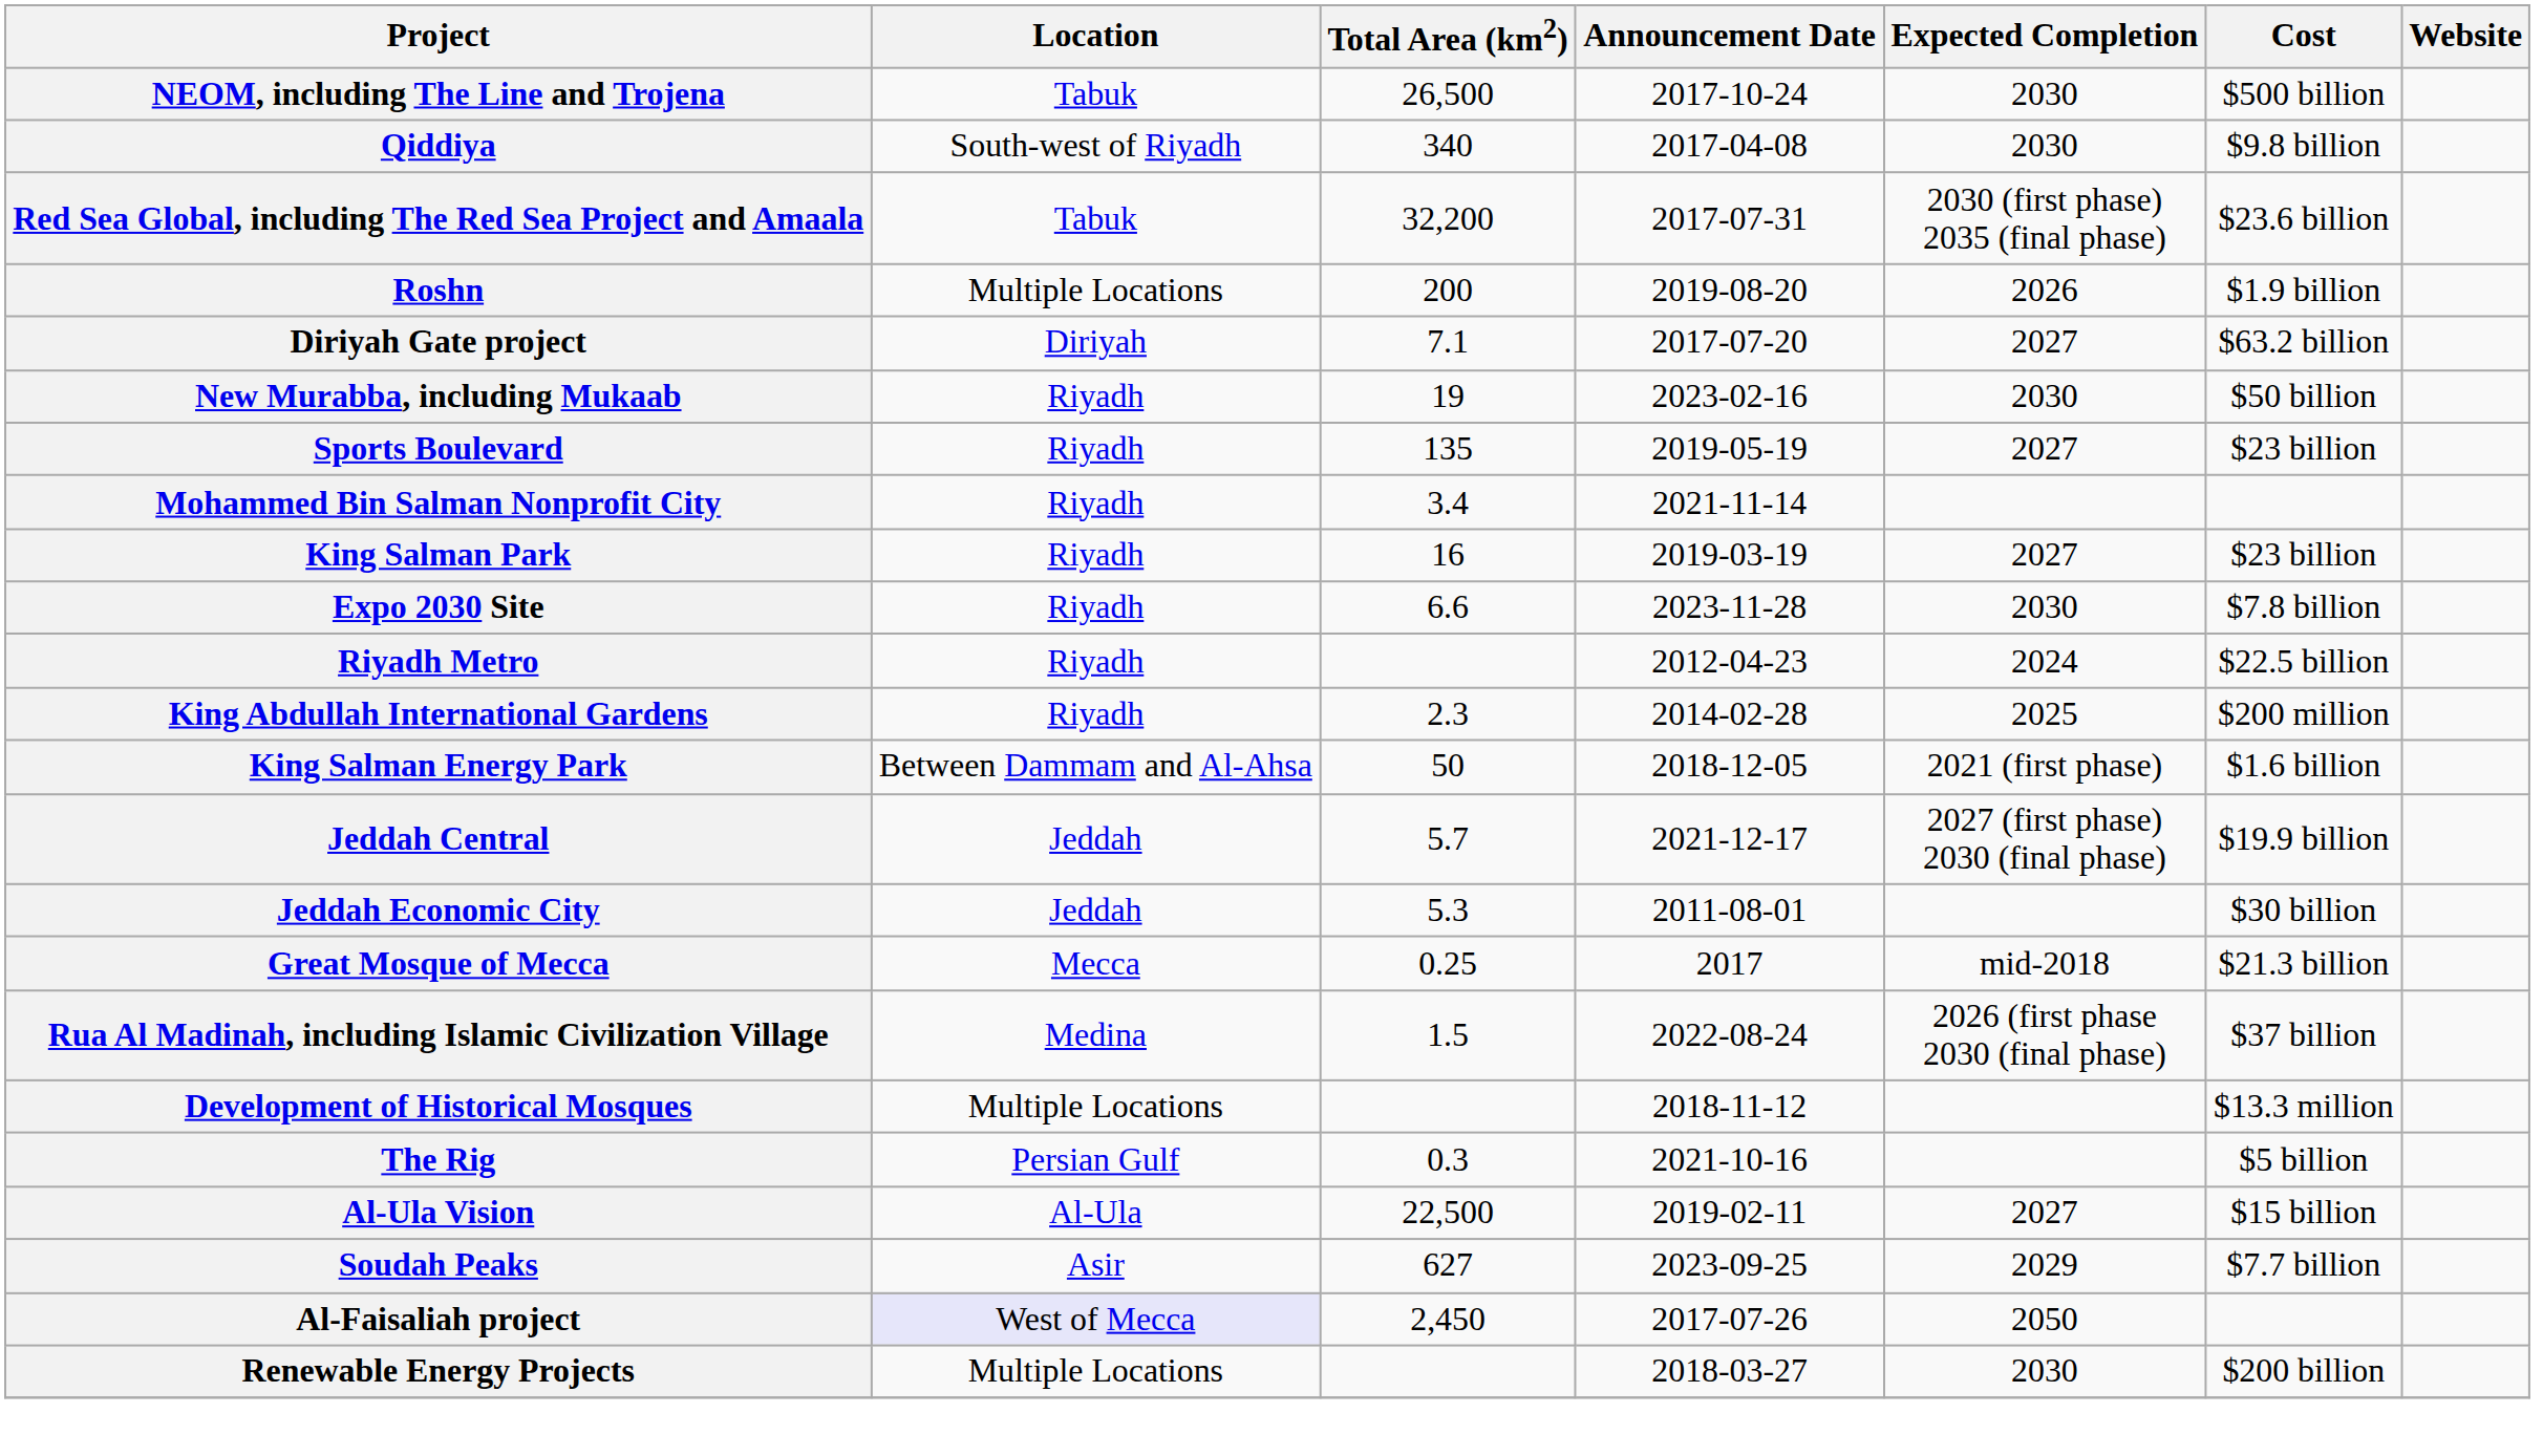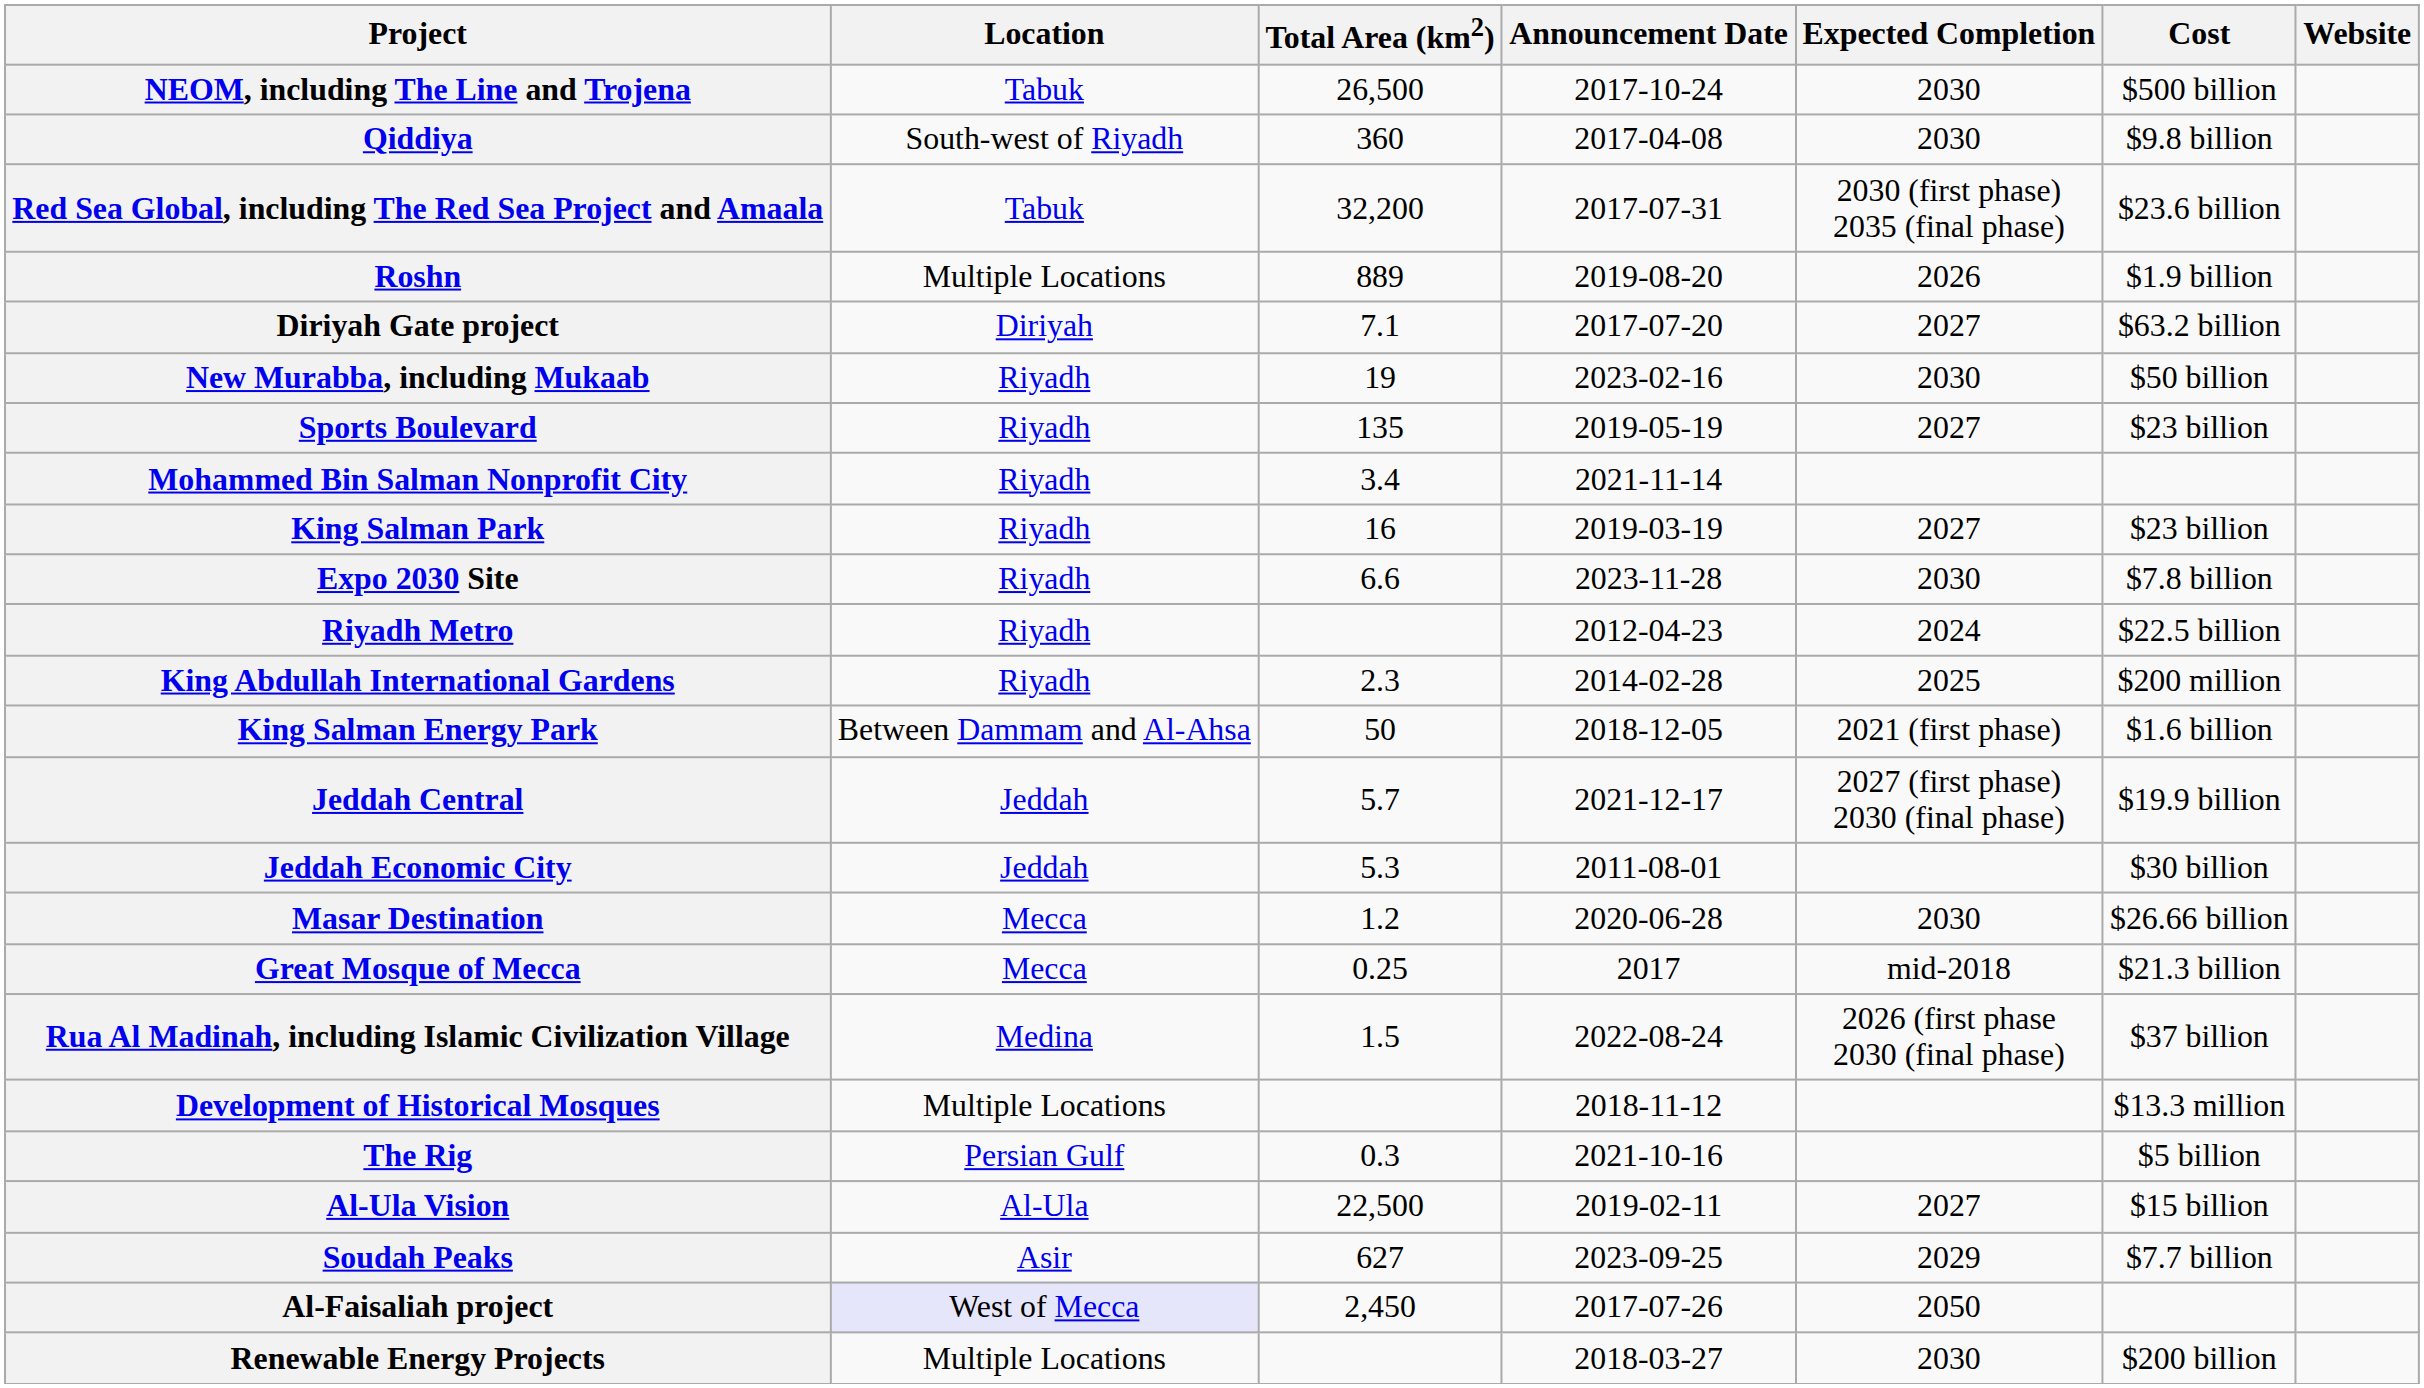 <table class="wikitable sortable" style="text-align:center;">
 <tr>
 <th>Project</th>
 <th>Location</th>
 <th>Total Area (km<sup>2</sup>)</th>
 <th>Announcement Date</th>
 <th>Expected Completion</th>
 <th>Cost</th>
 <th>Website</th>
 </tr>
 <tr>
 <th><a href='#'>NEOM</a>, including <a href='#'>The Line</a> and <a href='#'>Trojena</a></th>
 <td><a href='#'>Tabuk</a></td>
 <td>26,500</td>
 <td>2017-10-24</td>
 <td>2030</td>
 <td>$500 billion</td>
 <td></td>
 </tr>
 <tr>
 <th><a href='#'>Qiddiya</a></th>
 <td>South-west of <a href='#'>Riyadh</a></td>
-<td>340</td>
+<td>360</td>
 <td>2017-04-08</td>
 <td>2030</td>
 <td>$9.8 billion</td>
 <td></td>
 </tr>
 <tr>
 <th><a href='#'>Red Sea Global</a>, including <a href='#'>The Red Sea Project</a> and <a href='#'>Amaala</a></th>
 <td><a href='#'>Tabuk</a></td>
 <td>32,200</td>
 <td>2017-07-31</td>
 <td>2030 (first phase)<br>2035 (final phase)</td>
 <td>$23.6 billion</td>
 <td></td>
 </tr>
 <tr>
 <th><a href='#'>Roshn</a></th>
 <td>Multiple Locations</td>
-<td>200</td>
+<td>889</td>
 <td>2019-08-20</td>
 <td>2026</td>
 <td>$1.9 billion</td>
 <td></td>
 </tr>
 <tr>
 <th>Diriyah Gate project</th>
 <td><a href='#'>Diriyah</a></td>
 <td>7.1</td>
 <td>2017-07-20</td>
 <td>2027</td>
 <td>$63.2 billion</td>
 <td> </td>
 </tr>
 <tr>
 <th><a href='#'>New Murabba</a>, including <a href='#'>Mukaab</a></th>
 <td><a href='#'>Riyadh</a></td>
 <td>19</td>
 <td>2023-02-16</td>
 <td>2030</td>
 <td>$50 billion</td>
 <td></td>
 </tr>
 <tr>
 <th><a href='#'>Sports Boulevard</a></th>
 <td><a href='#'>Riyadh</a></td>
 <td>135</td>
 <td>2019-05-19</td>
 <td>2027</td>
 <td>$23 billion</td>
 <td></td>
 </tr>
 <tr>
 <th><a href='#'>Mohammed Bin Salman Nonprofit City</a></th>
 <td><a href='#'>Riyadh</a></td>
 <td>3.4</td>
 <td>2021-11-14</td>
 <td></td>
 <td></td>
 <td></td>
 </tr>
 <tr>
 <th><a href='#'>King Salman Park</a></th>
 <td><a href='#'>Riyadh</a></td>
 <td>16</td>
 <td>2019-03-19</td>
 <td>2027</td>
 <td>$23 billion</td>
 <td></td>
 </tr>
 <tr>
 <th><a href='#'>Expo 2030</a> Site</th>
 <td><a href='#'>Riyadh</a></td>
 <td>6.6</td>
 <td>2023-11-28</td>
 <td>2030</td>
 <td>$7.8 billion</td>
 <td></td>
 </tr>
 <tr>
 <th><a href='#'>Riyadh Metro</a></th>
 <td><a href='#'>Riyadh</a></td>
 <td></td>
 <td>2012-04-23</td>
 <td>2024</td>
 <td>$22.5 billion</td>
 <td></td>
 </tr>
 <tr>
 <th><a href='#'>King Abdullah International Gardens</a></th>
 <td><a href='#'>Riyadh</a></td>
 <td>2.3</td>
 <td>2014-02-28</td>
 <td>2025</td>
 <td>$200 million</td>
 <td></td>
 </tr>
 <tr>
 <th><a href='#'>King Salman Energy Park</a></th>
 <td>Between <a href='#'>Dammam</a> and <a href='#'>Al-Ahsa</a></td>
 <td>50</td>
 <td>2018-12-05</td>
 <td>2021 (first phase)</td>
 <td>$1.6 billion</td>
 <td></td>
 </tr>
 <tr>
 <th><a href='#'>Jeddah Central</a></th>
 <td><a href='#'>Jeddah</a></td>
 <td>5.7</td>
 <td>2021-12-17</td>
 <td>2027 (first phase)<br>2030 (final phase)</td>
 <td>$19.9 billion</td>
 <td></td>
 </tr>
 <tr>
 <th><a href='#'>Jeddah Economic City</a></th>
 <td><a href='#'>Jeddah</a></td>
 <td>5.3</td>
 <td>2011-08-01</td>
 <td></td>
 <td>$30 billion</td>
 <td></td>
 </tr>
 <tr>
+<th><a href='#'>Masar Destination</a></th>
+<td><a href='#'>Mecca</a></td>
+<td>1.2</td>
+<td>2020-06-28</td>
+<td>2030</td>
+<td>$26.66 billion</td>
+<td></td>
+</tr>
+<tr>
 <th><a href='#'>Great Mosque of Mecca</a></th>
 <td><a href='#'>Mecca</a></td>
 <td>0.25</td>
 <td>2017</td>
 <td>mid-2018</td>
 <td>$21.3 billion</td>
 <td></td>
 </tr>
 <tr>
 <th><a href='#'>Rua Al Madinah</a>, including Islamic Civilization Village</th>
 <td><a href='#'>Medina</a></td>
 <td>1.5</td>
 <td>2022-08-24</td>
 <td>2026 (first phase<br>2030 (final phase)</td>
 <td>$37 billion</td>
 <td></td>
 </tr>
 <tr>
 <th><a href='#'>Development of Historical Mosques</a></th>
 <td>Multiple Locations</td>
 <td></td>
 <td>2018-11-12</td>
 <td></td>
 <td>$13.3 million</td>
 <td></td>
 </tr>
 <tr>
 <th><a href='#'>The Rig</a></th>
 <td><a href='#'>Persian Gulf</a></td>
 <td>0.3</td>
 <td>2021-10-16</td>
 <td></td>
 <td>$5 billion</td>
 <td></td>
 </tr>
 <tr>
 <th><a href='#'>Al-Ula Vision</a></th>
 <td><a href='#'>Al-Ula</a></td>
 <td>22,500</td>
 <td>2019-02-11</td>
 <td>2027</td>
 <td>$15 billion</td>
 <td></td>
 </tr>
 <tr>
 <th><a href='#'>Soudah Peaks</a></th>
 <td><a href='#'>Asir</a></td>
 <td>627</td>
 <td>2023-09-25</td>
 <td>2029</td>
 <td>$7.7 billion</td>
 <td></td>
 </tr>
 <tr>
 <th>Al-Faisaliah project</th>
 <td style="background: lavender;">West of <a href='#'>Mecca</a></td>
 <td>2,450</td>
 <td>2017-07-26</td>
 <td>2050</td>
 <td></td>
 <td></td>
 </tr>
 <tr>
 <th>Renewable Energy Projects</th>
 <td>Multiple Locations</td>
 <td></td>
 <td>2018-03-27</td>
 <td>2030</td>
 <td>$200 billion</td>
 <td></td>
 </tr>
 <tr>
 </tr>
 </table>
